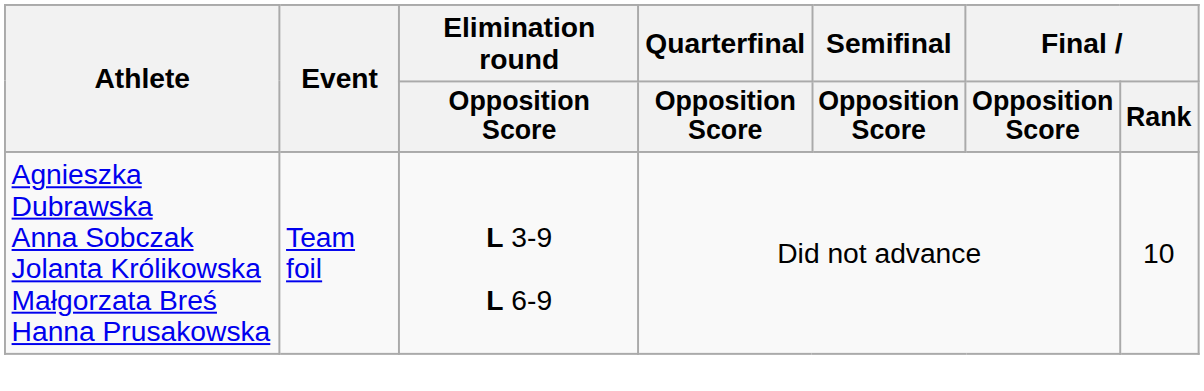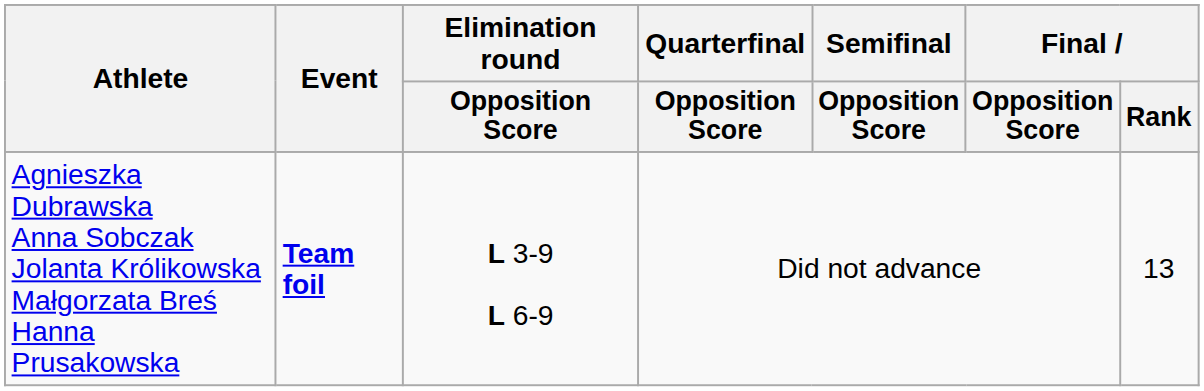 <table class="wikitable" style="font-size:90%">
 <tr>
 <th rowspan="2">Athlete</th>
 <th rowspan="2">Event</th>
 <th>Elimination round</th>
 <th>Quarterfinal</th>
 <th>Semifinal</th>
 <th colspan=2>Final / </th>
 </tr>
 <tr style="font-size:95%">
 <th>Opposition <br> Score</th>
 <th>Opposition <br> Score</th>
 <th>Opposition <br> Score</th>
 <th>Opposition <br> Score</th>
 <th>Rank</th>
 </tr>
 <tr align=center>
 <td align=left><a href='#'>Agnieszka Dubrawska</a><br><a href='#'>Anna Sobczak</a><br><a href='#'>Jolanta Królikowska</a><br><a href='#'>Małgorzata Breś</a><br><a href='#'>Hanna Prusakowska</a></td>
-<td align=left><a href='#'>Team foil</a></td>
+<td align=left><strong><a href='#'>Team foil</a></strong></td>
 <td><br><strong>L</strong> 3-9<br><br><strong>L</strong> 6-9</td>
 <td colspan=3>Did not advance</td>
-<td>10</td>
+<td>13</td>
 </tr>
 </table>
